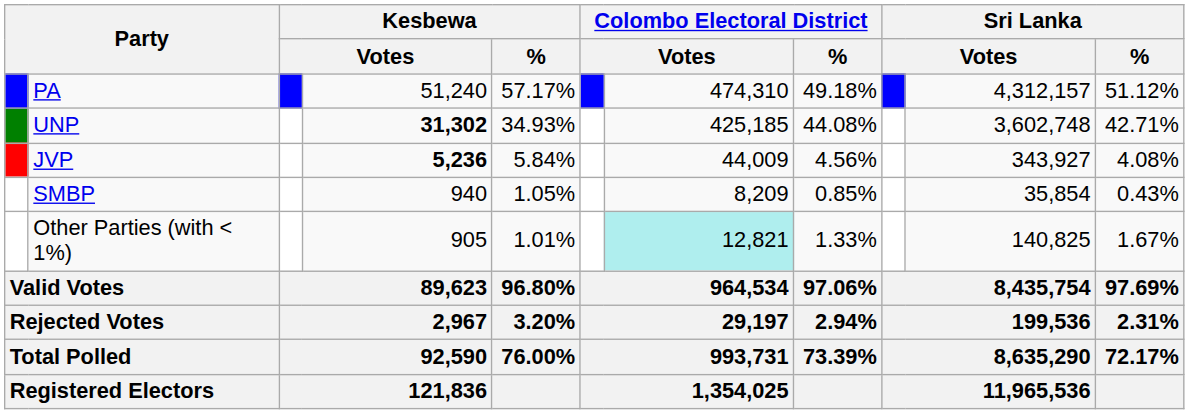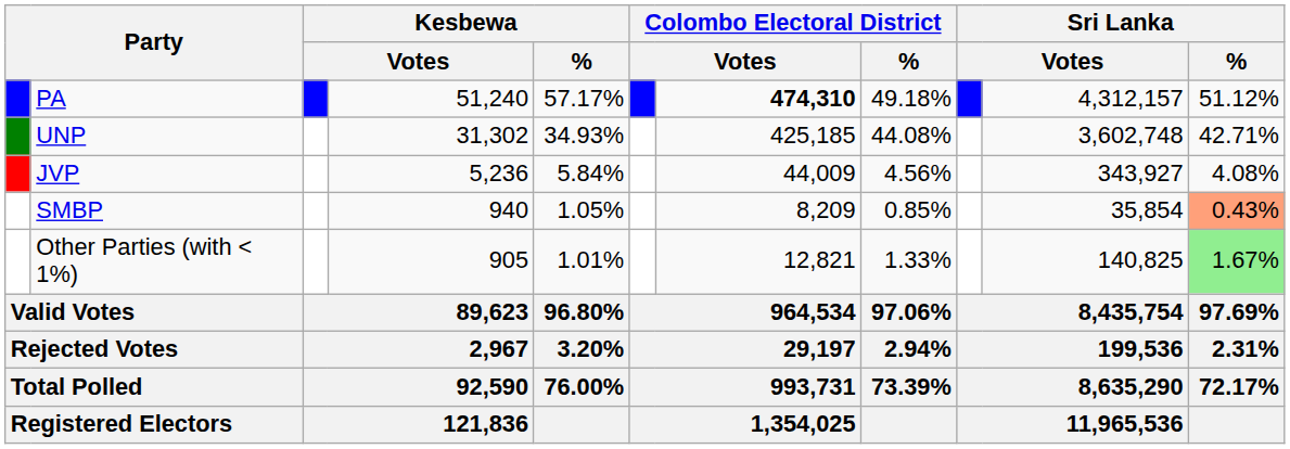 <table class="wikitable">
 <tr>
 <th colspan="2" width="144px"rowspan="2">Party</th>
 <th colspan="3" width="216px">Kesbewa</th>
 <th colspan="3" width="216px"><a href='#'>Colombo Electoral District</a></th>
 <th colspan="3" width="216px">Sri Lanka</th>
 </tr>
 <tr>
 <th colspan="2" width="144px">Votes</th>
 <th>%</th>
 <th colspan="2" width="144px">Votes</th>
 <th>%</th>
 <th colspan="2" width="144px">Votes</th>
 <th>%</th>
 </tr>
 <tr>
 <td style="background-color:blue;" width="10px"></td>
 <td style="text-align:left;"><a href='#'>PA</a></td>
 <td style="background-color:blue;" width="10px"></td>
 <td style="text-align:right;">51,240</td>
 <td style="text-align:right;">57.17%</td>
 <td style="background-color:blue;" width="10px"></td>
-<td style="text-align:right;">474,310</td>
+<td style="text-align:right;"><strong>474,310</strong></td>
 <td style="text-align:right;">49.18%</td>
 <td style="background-color:blue;" width="10px"></td>
 <td style="text-align:right;">4,312,157</td>
 <td style="text-align:right;">51.12%</td>
 </tr>
 <tr>
 <td style="background-color:green;" width="10px"></td>
 <td style="text-align:left;"><a href='#'>UNP</a></td>
 <td style="background-color:white;" width="10px"></td>
-<td style="text-align:right;"><strong>31,302</strong></td>
+<td style="text-align:right;">31,302</td>
 <td style="text-align:right;">34.93%</td>
 <td style="background-color:white;" width="10px"></td>
 <td style="text-align:right;">425,185</td>
 <td style="text-align:right;">44.08%</td>
 <td style="background-color:white;" width="10px"></td>
 <td style="text-align:right;">3,602,748</td>
 <td style="text-align:right;">42.71%</td>
 </tr>
 <tr>
 <td style="background-color:red;" width="10px"></td>
 <td style="text-align:left;"><a href='#'>JVP</a></td>
 <td style="background-color:white;" width="10px"></td>
-<td style="text-align:right;"><strong>5,236</strong></td>
+<td style="text-align:right;">5,236</td>
 <td style="text-align:right;">5.84%</td>
 <td style="background-color:white;" width="10px"></td>
 <td style="text-align:right;">44,009</td>
 <td style="text-align:right;">4.56%</td>
 <td style="background-color:white;" width="10px"></td>
 <td style="text-align:right;">343,927</td>
 <td style="text-align:right;">4.08%</td>
 </tr>
 <tr>
 <td style="background-color:white;" width="10px"></td>
 <td style="text-align:left;"><a href='#'>SMBP</a></td>
 <td style="background-color:white;" width="10px"></td>
 <td style="text-align:right;">940</td>
 <td style="text-align:right;">1.05%</td>
 <td style="background-color:white;" width="10px"></td>
 <td style="text-align:right;">8,209</td>
 <td style="text-align:right;">0.85%</td>
 <td style="background-color:white;" width="10px"></td>
 <td style="text-align:right;">35,854</td>
-<td style="text-align:right;">0.43%</td>
+<td style="background: lightsalmon; text-align:right;">0.43%</td>
 </tr>
 <tr>
 <td style="background-color:white;" width="10px"></td>
 <td style="text-align:left;">Other Parties (with < 1%)</td>
 <td style="background-color:white;" width="10px"></td>
 <td style="text-align:right;">905</td>
 <td style="text-align:right;">1.01%</td>
 <td style="background-color:white;" width="10px"></td>
-<td style="background: paleturquoise; text-align:right;">12,821</td>
+<td style="text-align:right;">12,821</td>
 <td style="text-align:right;">1.33%</td>
 <td style="background-color:white;" width="10px"></td>
 <td style="text-align:right;">140,825</td>
-<td style="text-align:right;">1.67%</td>
+<td style="background: lightgreen; text-align:right;">1.67%</td>
 </tr>
 <tr>
 <th colspan="2" width="144px"style="text-align:left;">Valid Votes</th>
 <th style="text-align:right;"colspan="2" width="144px">89,623</th>
 <th style="text-align:right;">96.80%</th>
 <th style="text-align:right;"colspan="2" width="144px">964,534</th>
 <th style="text-align:right;">97.06%</th>
 <th style="text-align:right;"colspan="2" width="144px">8,435,754</th>
 <th style="text-align:right;">97.69%</th>
 </tr>
 <tr>
 <th colspan="2" width="144px"style="text-align:left;">Rejected Votes</th>
 <th style="text-align:right;"colspan="2" width="144px">2,967</th>
 <th style="text-align:right;">3.20%</th>
 <th style="text-align:right;"colspan="2" width="144px">29,197</th>
 <th style="text-align:right;">2.94%</th>
 <th style="text-align:right;"colspan="2" width="144px">199,536</th>
 <th style="text-align:right;">2.31%</th>
 </tr>
 <tr>
 <th colspan="2" width="144px"style="text-align:left;">Total Polled</th>
 <th style="text-align:right;"colspan="2" width="144px">92,590</th>
 <th style="text-align:right;">76.00%</th>
 <th style="text-align:right;"colspan="2" width="144px">993,731</th>
 <th style="text-align:right;">73.39%</th>
 <th style="text-align:right;"colspan="2" width="144px">8,635,290</th>
 <th style="text-align:right;">72.17%</th>
 </tr>
 <tr>
 <th colspan="2" width="144px"style="text-align:left;">Registered Electors</th>
 <th style="text-align:right;"colspan="2" width="144px">121,836</th>
 <th></th>
 <th style="text-align:right;"colspan="2" width="144px">1,354,025</th>
 <th></th>
 <th style="text-align:right;"colspan="2" width="144px">11,965,536</th>
 <th></th>
 </tr>
 </table>
